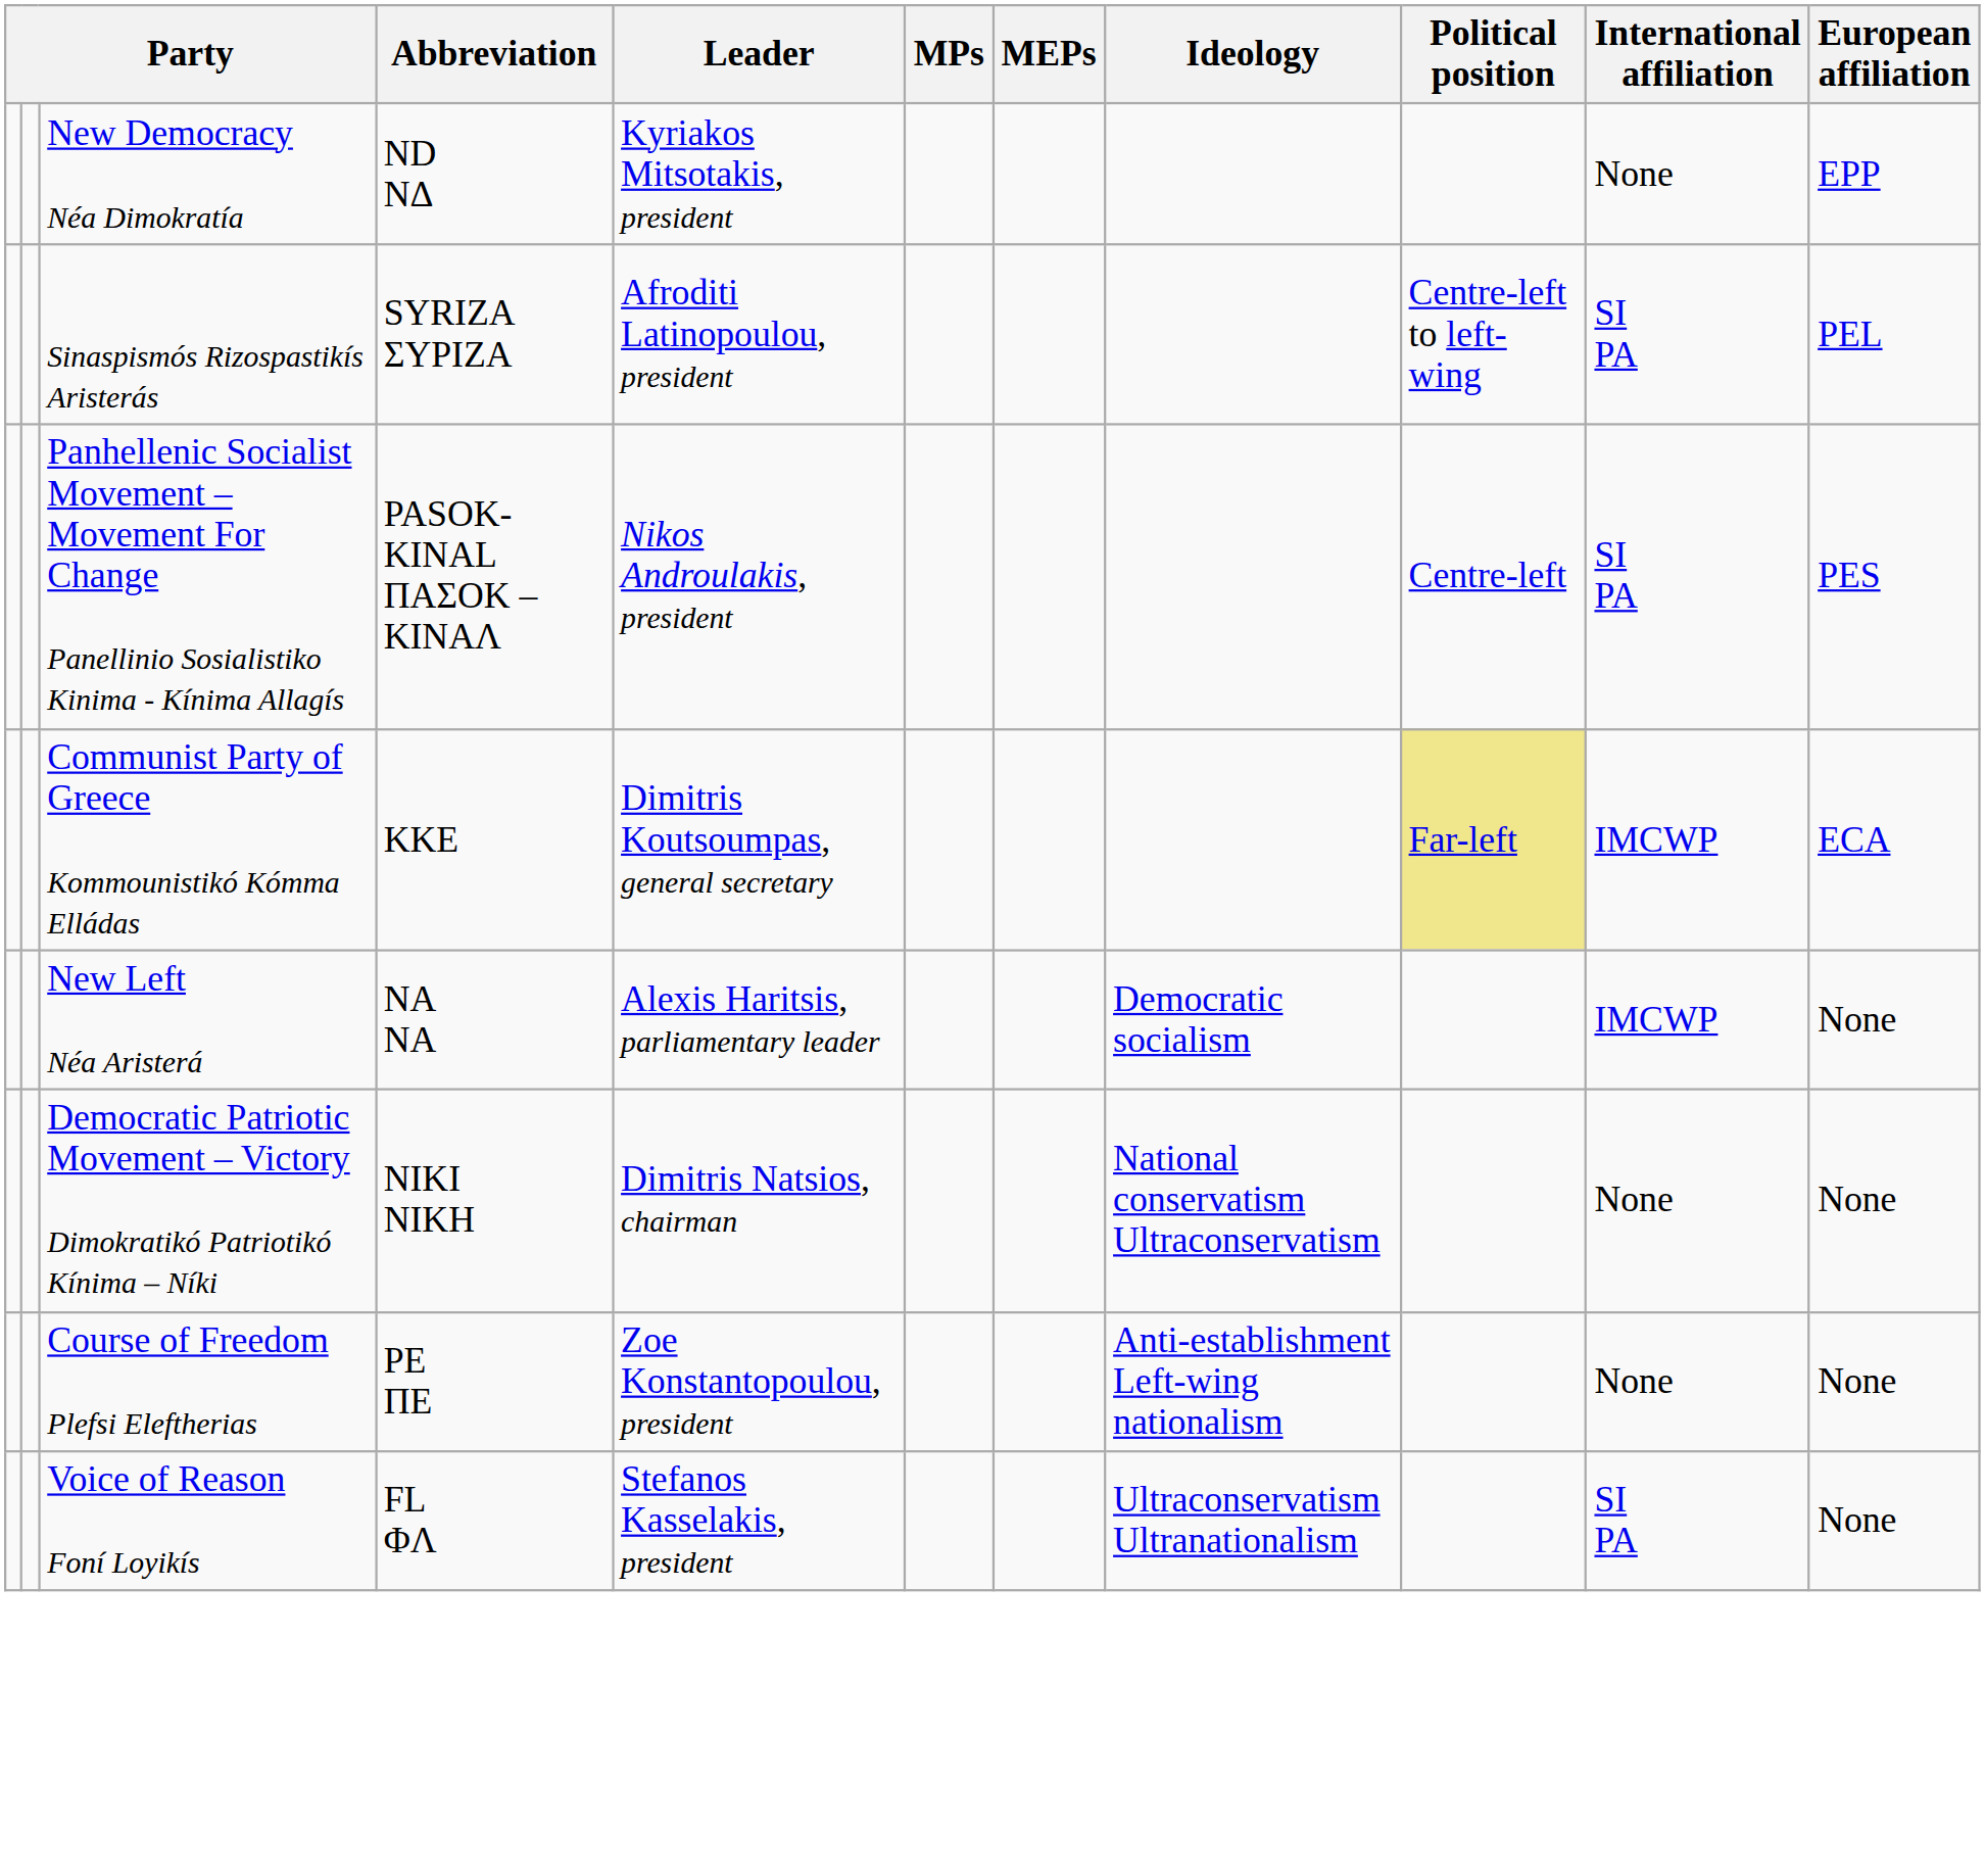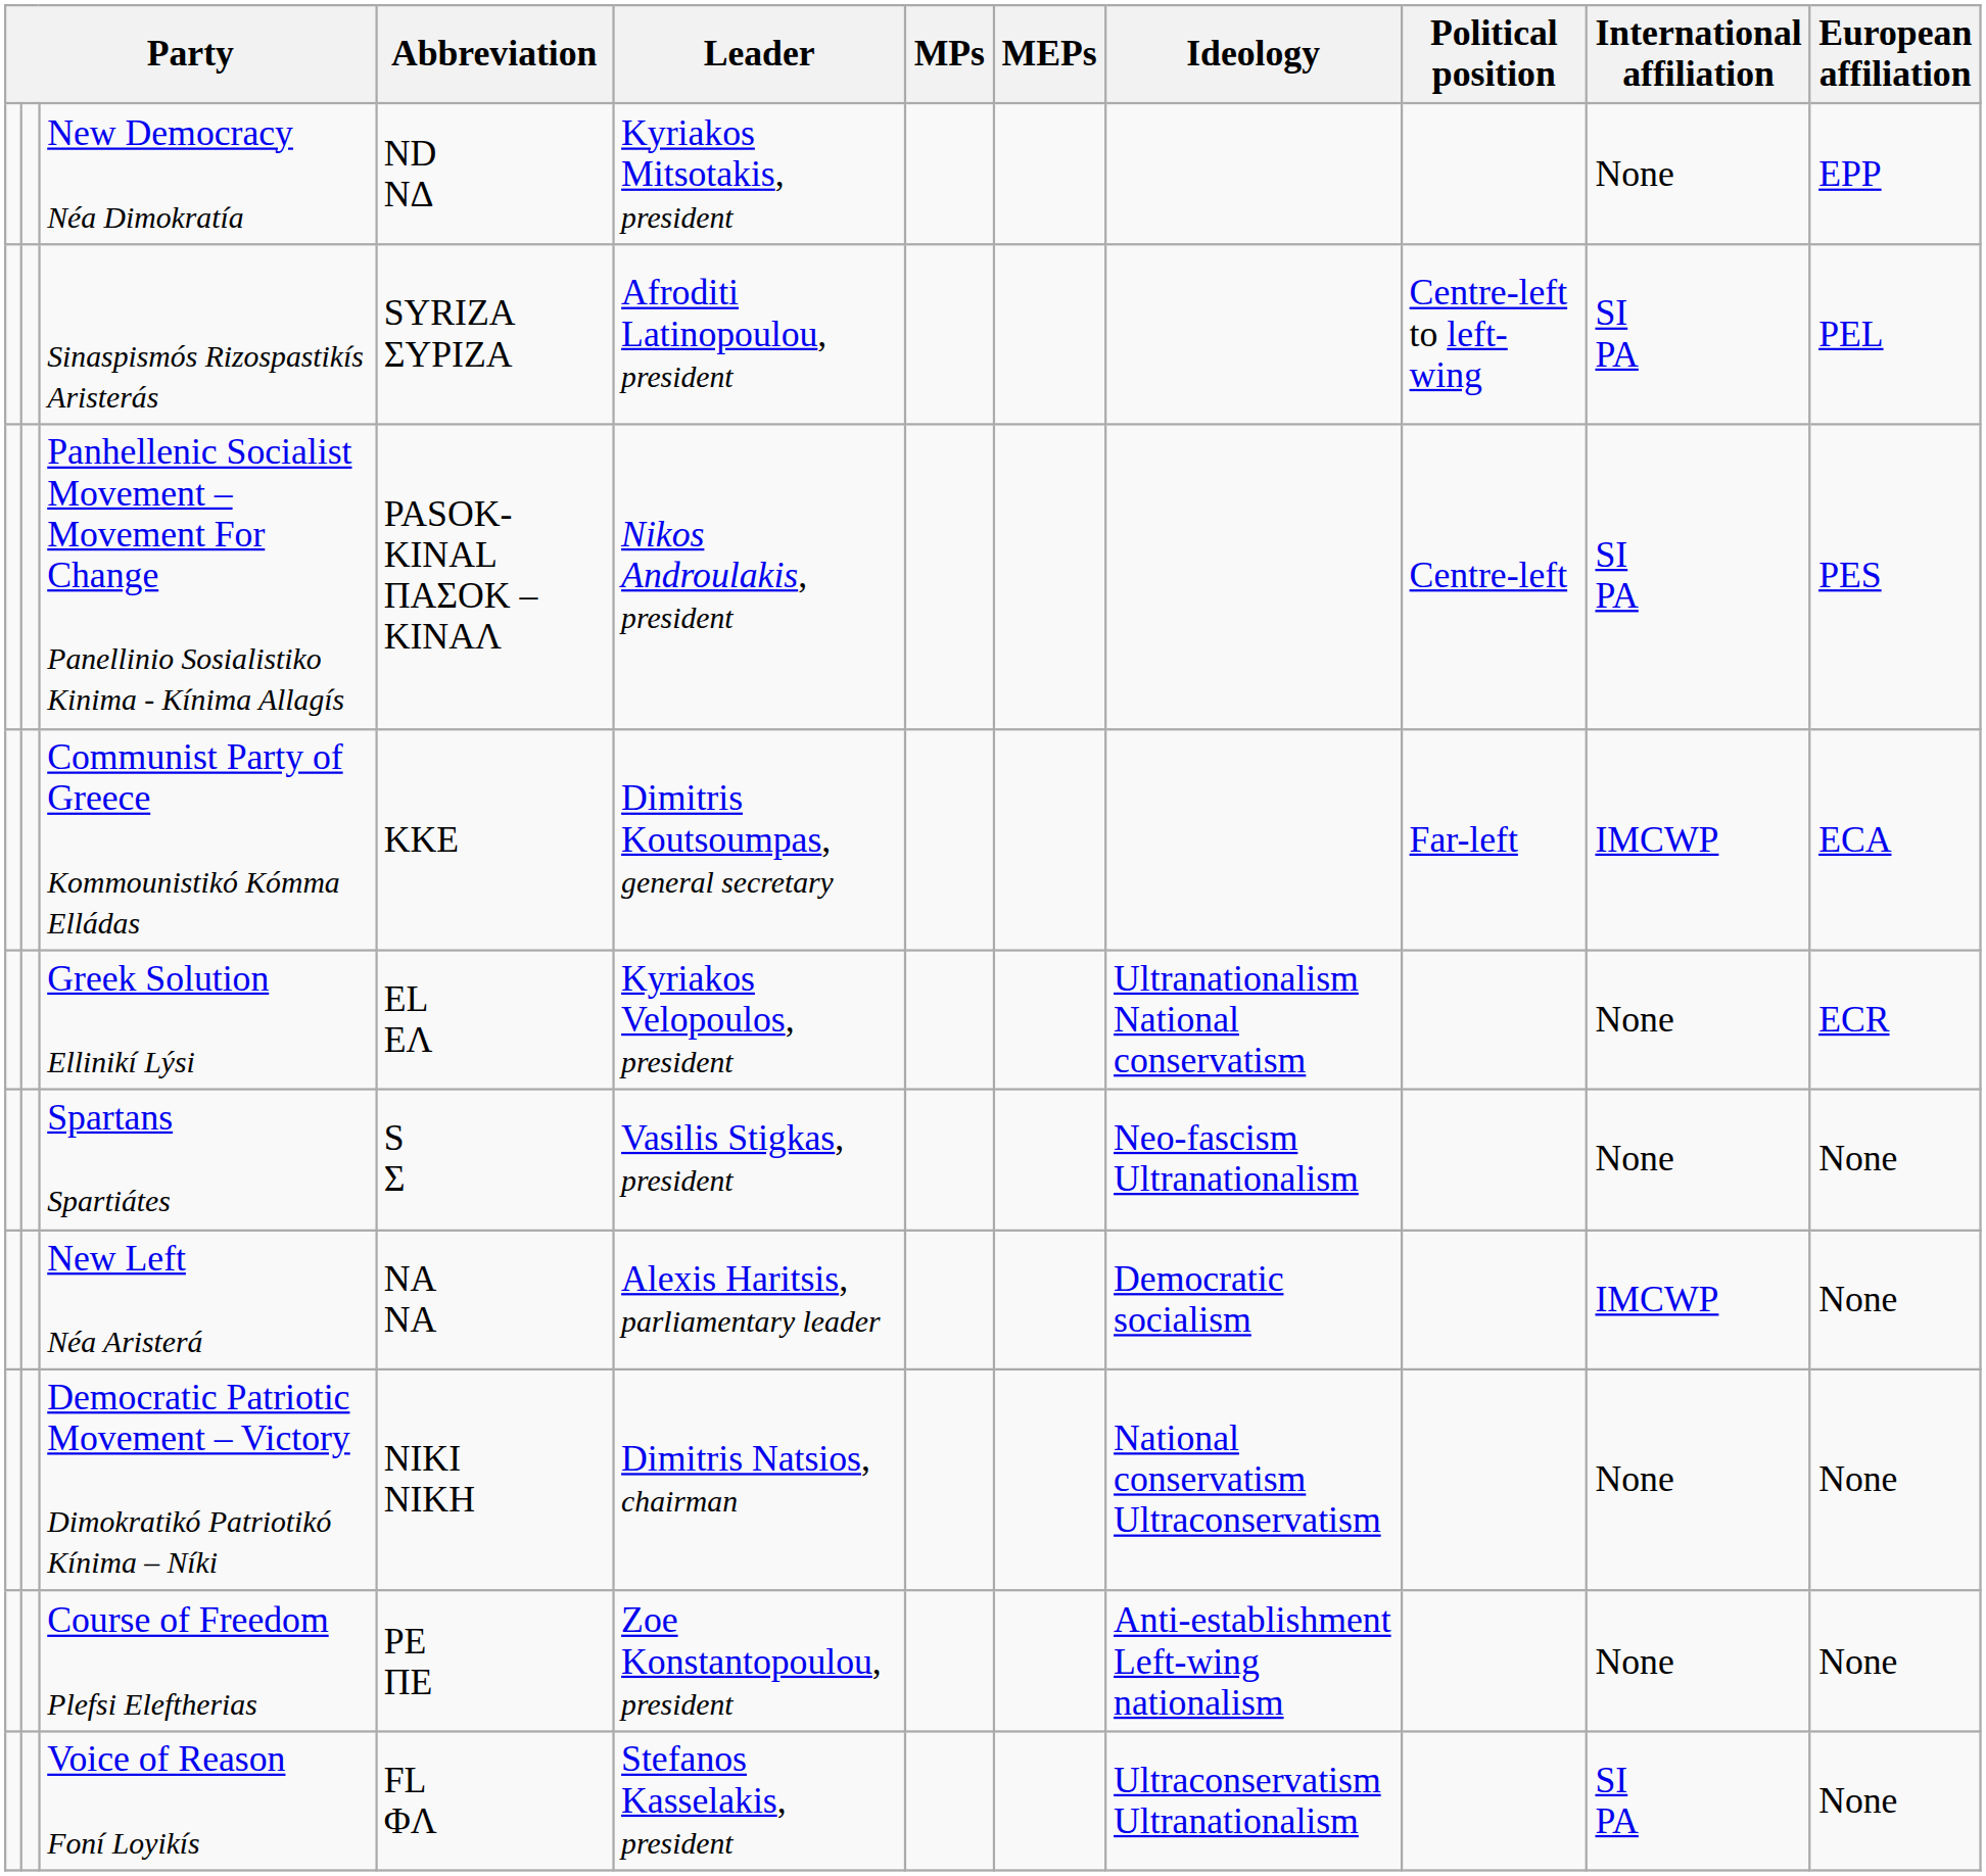 <table class="wikitable sortable">
 <tr>
 <th colspan="3">Party</th>
 <th>Abbreviation</th>
 <th>Leader</th>
 <th>MPs</th>
 <th>MEPs</th>
 <th>Ideology</th>
 <th>Political<br>position</th>
 <th>International<br>affiliation</th>
 <th>European<br>affiliation</th>
 </tr>
 <tr>
 <td></td>
 <td></td>
 <td><a href='#'>New Democracy</a>  <br>  <br><small><em>Néa Dimokratía</em></small></td>
 <td>ND  <br>ΝΔ</td>
 <td><a href='#'>Kyriakos Mitsotakis</a>,  <br><small><em>president</em></small></td>
 <td></td>
 <td></td>
 <td></td>
 <td></td>
 <td>None</td>
 <td><a href='#'>EPP</a></td>
 </tr>
 <tr>
 <td></td>
 <td></td>
 <td>  <br> <br><small><em>Sinaspismós Rizospastikís Aristerás</em></small></td>
 <td>SYRIZA  <br>ΣΥΡΙΖΑ</td>
 <td><a href='#'>Afroditi Latinopoulou</a>,  <br><small><em>president</em></small></td>
 <td></td>
 <td></td>
 <td></td>
 <td><a href='#'>Centre-left</a> to <a href='#'>left-wing</a></td>
 <td><a href='#'>SI</a><br><a href='#'>PA</a></td>
 <td><a href='#'>PEL</a></td>
 </tr>
 <tr>
 <td></td>
 <td></td>
 <td><a href='#'>Panhellenic Socialist Movement – Movement For Change</a>  <br>  <br><small><em>Panellinio Sosialistiko Kinima - Kínima Allagís</em></small></td>
 <td>PASOK-KINAL  <br>ΠΑΣΟΚ – ΚΙΝΑΛ</td>
 <td><em><a href='#'>Nikos Androulakis</a></em>,<br><small><em>president</em></small></td>
 <td></td>
 <td></td>
 <td></td>
 <td><a href='#'>Centre-left</a></td>
 <td><a href='#'>SI</a><br><a href='#'>PA</a></td>
 <td><a href='#'>PES</a></td>
 </tr>
 <tr>
 <td></td>
 <td></td>
 <td><a href='#'>Communist Party of Greece</a>  <br>  <br><small><em>Kommounistikó Kómma Elládas</em></small></td>
 <td>KKE</td>
 <td><a href='#'>Dimitris Koutsoumpas</a>,  <br><small><em>general secretary</em></small></td>
 <td></td>
 <td></td>
 <td></td>
-<td style="background: khaki;"><a href='#'>Far-left</a></td>
+<td><a href='#'>Far-left</a></td>
 <td><a href='#'>IMCWP</a></td>
 <td><a href='#'>ECA</a></td>
+</tr>
+<tr>
+<td></td>
+<td></td>
+<td><a href='#'>Greek Solution</a>  <br>  <br><small><em>Ellinikí Lýsi</em></small></td>
+<td>EL  <br>ΕΛ</td>
+<td><a href='#'>Kyriakos Velopoulos</a>,  <br><small><em>president</em></small></td>
+<td></td>
+<td></td>
+<td><a href='#'>Ultranationalism</a><br><a href='#'>National conservatism</a><br></td>
+<td></td>
+<td>None</td>
+<td><a href='#'>ECR</a></td>
+</tr>
+<tr>
+<td></td>
+<td></td>
+<td><a href='#'>Spartans</a>  <br>  <br><small><em>Spartiátes</em></small></td>
+<td>S  <br>Σ</td>
+<td><a href='#'>Vasilis Stigkas</a>,  <br><small><em>president</em></small></td>
+<td></td>
+<td></td>
+<td><a href='#'>Neo-fascism</a><br><a href='#'>Ultranationalism</a></td>
+<td></td>
+<td>None</td>
+<td>None</td>
 </tr>
 <tr>
 <td></td>
 <td></td>
 <td><a href='#'>New Left</a>  <br>  <br><small><em>Néa Aristerá</em></small></td>
 <td>NA  <br>ΝΑ</td>
 <td><a href='#'>Alexis Haritsis</a>, <br><small><em>parliamentary leader</em></small></td>
 <td></td>
 <td></td>
 <td><a href='#'>Democratic socialism</a></td>
 <td></td>
 <td><a href='#'>IMCWP</a></td>
 <td>None</td>
 </tr>
 <tr>
 <td></td>
 <td></td>
 <td><a href='#'>Democratic Patriotic Movement – Victory</a>  <br>  <br><small><em>Dimokratikó Patriotikó Kínima – Níki</em></small></td>
 <td>NIKI  <br>NIKH</td>
 <td><a href='#'>Dimitris Natsios</a>,  <br><small><em>chairman</em></small></td>
 <td></td>
 <td></td>
 <td><a href='#'>National conservatism</a><br><a href='#'>Ultraconservatism</a></td>
 <td></td>
 <td>None</td>
 <td>None</td>
 </tr>
 <tr>
 <td></td>
 <td></td>
 <td><a href='#'>Course of Freedom</a>  <br>  <br><small><em>Plefsi Eleftherias</em></small></td>
 <td>PE  <br>ΠE</td>
 <td><a href='#'>Zoe Konstantopoulou</a>,  <br><small><em>president</em></small></td>
 <td></td>
 <td></td>
 <td><a href='#'>Anti-establishment</a><br><a href='#'>Left-wing nationalism</a></td>
 <td></td>
 <td>None</td>
 <td>None</td>
 </tr>
 <tr>
 <td></td>
 <td></td>
 <td><a href='#'>Voice of Reason</a>  <br>  <br><small><em>Foní Loyikís</em></small></td>
 <td>FL  <br>ΦΛ</td>
 <td><a href='#'>Stefanos Kasselakis</a>,  <br><small><em>president</em></small></td>
 <td></td>
 <td></td>
 <td><a href='#'>Ultraconservatism</a><br><a href='#'>Ultranationalism</a></td>
 <td></td>
 <td><a href='#'>SI</a><br><a href='#'>PA</a></td>
 <td>None</td>
 </tr>
 </table>
